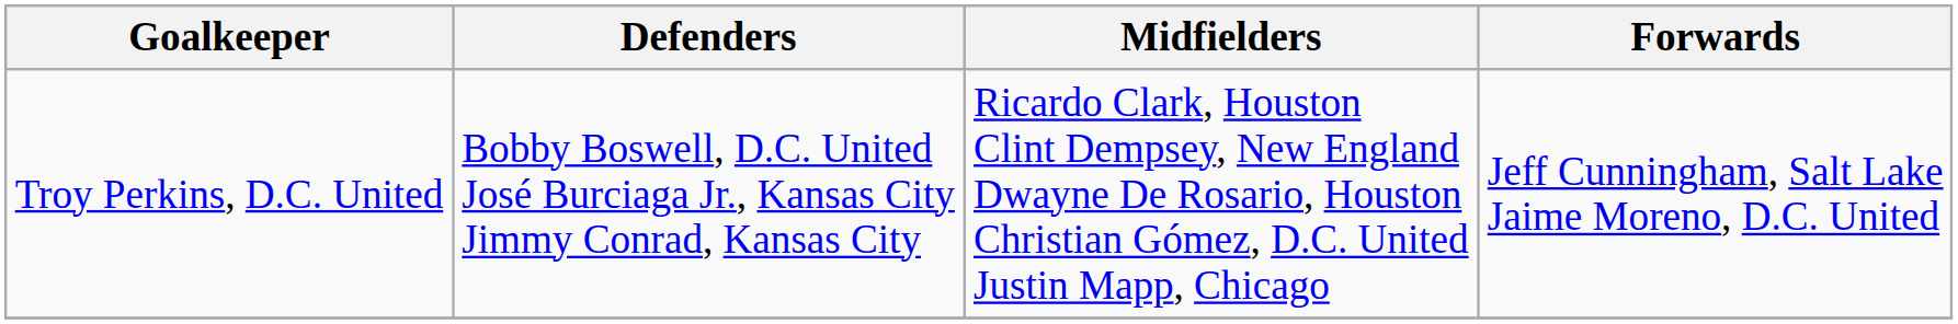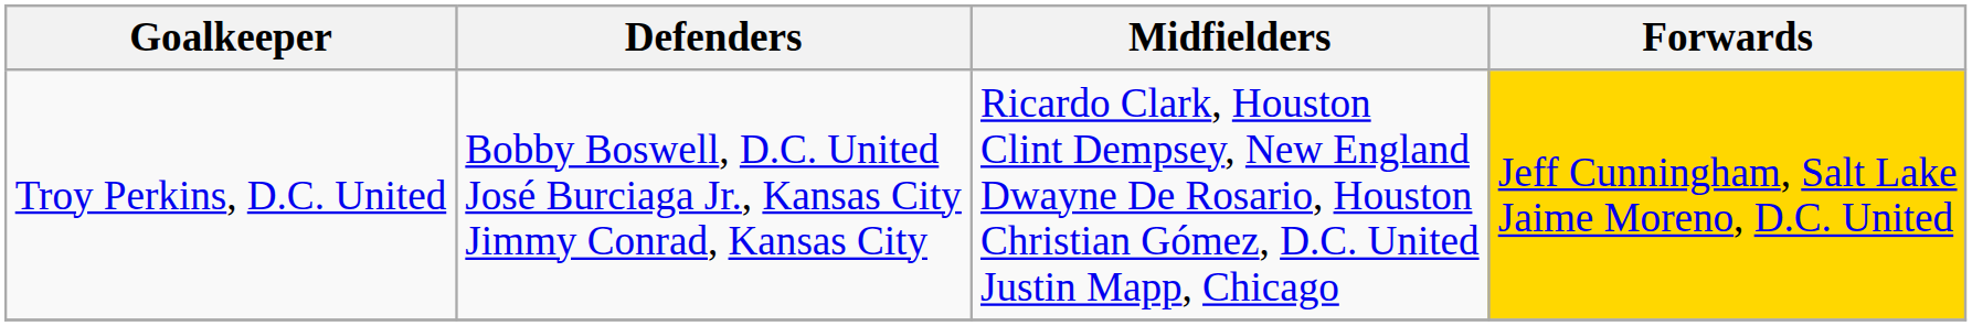 <table class="wikitable">
 <tr style="background:#cccccc;">
 <th>Goalkeeper</th>
 <th>Defenders</th>
 <th>Midfielders</th>
 <th>Forwards</th>
 </tr>
 <tr>
 <td> <a href='#'>Troy Perkins</a>, <a href='#'>D.C. United</a></td>
 <td> <a href='#'>Bobby Boswell</a>, <a href='#'>D.C. United</a><br> <a href='#'>José Burciaga Jr.</a>, <a href='#'>Kansas City</a><br> <a href='#'>Jimmy Conrad</a>, <a href='#'>Kansas City</a></td>
 <td> <a href='#'>Ricardo Clark</a>, <a href='#'>Houston</a><br> <a href='#'>Clint Dempsey</a>, <a href='#'>New England</a> <br> <a href='#'>Dwayne De Rosario</a>, <a href='#'>Houston</a> <br> <a href='#'>Christian Gómez</a>, <a href='#'>D.C. United</a> <br> <a href='#'>Justin Mapp</a>, <a href='#'>Chicago</a></td>
-<td> <a href='#'>Jeff Cunningham</a>, <a href='#'>Salt Lake</a> <br> <a href='#'>Jaime Moreno</a>, <a href='#'>D.C. United</a></td>
+<td style="background: gold;"> <a href='#'>Jeff Cunningham</a>, <a href='#'>Salt Lake</a> <br> <a href='#'>Jaime Moreno</a>, <a href='#'>D.C. United</a></td>
 </tr>
 <tr>
 </tr>
 </table>
